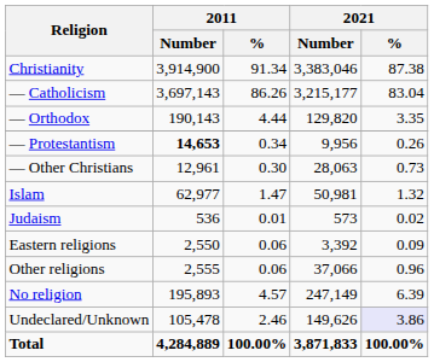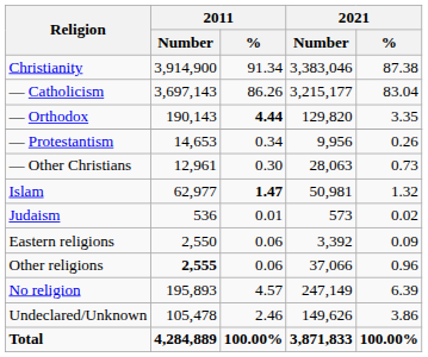 <table class="wikitable sortable" style="text-align:right">
 <tr>
 <th rowspan="2">Religion</th>
 <th colspan="2">2011</th>
 <th colspan="2">2021</th>
 </tr>
 <tr>
 <th>Number</th>
 <th>%</th>
 <th>Number</th>
 <th>%</th>
 </tr>
 <tr>
 <td style="text-align:left"><a href='#'>Christianity</a></td>
 <td>3,914,900</td>
 <td>91.34</td>
 <td>3,383,046</td>
 <td>87.38</td>
 </tr>
 <tr>
 <td style="text-align:left">— <a href='#'>Catholicism</a></td>
 <td>3,697,143</td>
 <td>86.26</td>
 <td>3,215,177</td>
 <td>83.04</td>
 </tr>
 <tr>
 <td style="text-align:left">— <a href='#'>Orthodox</a></td>
 <td>190,143</td>
-<td>4.44</td>
+<td><strong>4.44</strong></td>
 <td>129,820</td>
 <td>3.35</td>
 </tr>
 <tr>
 </tr>
 <tr>
 <td style="text-align:left">— <a href='#'>Protestantism</a></td>
-<td><strong>14,653</strong></td>
+<td>14,653</td>
 <td>0.34</td>
 <td>9,956</td>
 <td>0.26</td>
 </tr>
 <tr>
 <td style="text-align:left">— Other Christians</td>
 <td>12,961</td>
 <td>0.30</td>
 <td>28,063</td>
 <td>0.73</td>
 </tr>
 <tr>
 <td style="text-align:left"><a href='#'>Islam</a></td>
 <td>62,977</td>
-<td>1.47</td>
+<td><strong>1.47</strong></td>
 <td>50,981</td>
 <td>1.32</td>
 </tr>
 <tr>
 <td style="text-align:left"><a href='#'>Judaism</a></td>
 <td>536</td>
 <td>0.01</td>
 <td>573</td>
 <td>0.02</td>
 </tr>
 <tr>
 <td style="text-align:left">Eastern religions</td>
 <td>2,550</td>
 <td>0.06</td>
 <td>3,392</td>
 <td>0.09</td>
 </tr>
 <tr>
 <td style="text-align:left">Other religions</td>
-<td>2,555</td>
+<td><strong>2,555</strong></td>
 <td>0.06</td>
 <td>37,066</td>
 <td>0.96</td>
 </tr>
 <tr>
 <td style="text-align:left"><a href='#'>No religion</a></td>
 <td>195,893</td>
 <td>4.57</td>
 <td>247,149</td>
 <td>6.39</td>
 </tr>
 <tr>
 <td style="text-align:left">Undeclared/Unknown</td>
 <td>105,478</td>
 <td>2.46</td>
 <td>149,626</td>
-<td style="background: lavender;">3.86</td>
+<td>3.86</td>
 </tr>
 <tr style="font-weight:bold;">
 <td style="text-align:left">Total</td>
 <td>4,284,889</td>
 <td>100.00%</td>
 <td>3,871,833</td>
 <td>100.00%</td>
 </tr>
 </table>
